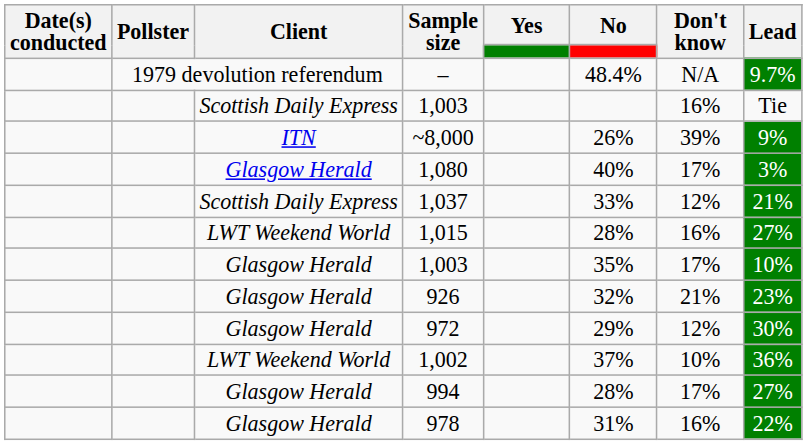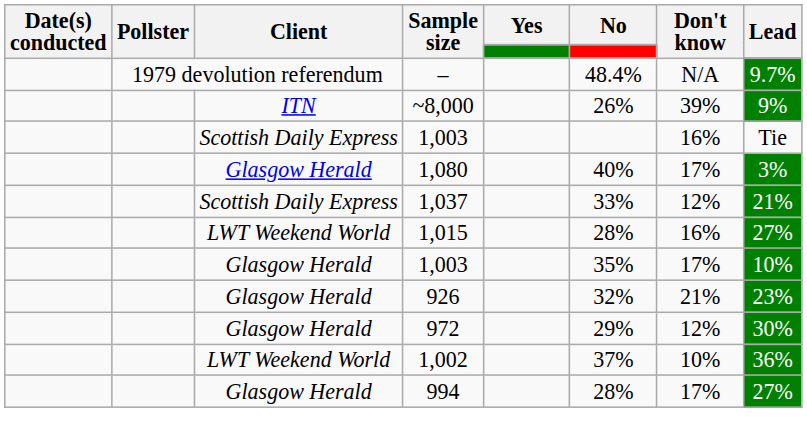 <table class="wikitable sortable mw-datatable" style="text-align:center;font-size:90%;line-height:14px;">
 <tr>
 <th rowspan="2">Date(s)<br>conducted</th>
 <th rowspan="2">Pollster</th>
 <th rowspan="2">Client</th>
 <th rowspan="2">Sample<br>size</th>
 <th class="unsortable" style="width:50px;">Yes</th>
 <th class="unsortable" style="width:50px;">No</th>
 <th rowspan="2" style="width:50px;">Don't<br>know</th>
 <th rowspan="2">Lead</th>
 </tr>
 <tr>
 <th data-sort-type="number" style="background:green;"></th>
 <th data-sort-type="number" style="background:red;"></th>
 </tr>
 <tr>
 <td></td>
 <td colspan="2">1979 devolution referendum</td>
 <td>–</td>
 <td></td>
 <td>48.4%</td>
 <td>N/A</td>
 <td style="background:green;color:#FFFFFF;">9.7%</td>
 </tr>
 <tr>
 <td></td>
 <td></td>
+<td><em><a href='#'>ITN</a></em></td>
+<td>~8,000</td>
+<td></td>
+<td>26%</td>
+<td>39%</td>
+<td style="background:green;color:#FFFFFF;">9%</td>
+</tr>
+<tr>
+<td></td>
+<td></td>
 <td><em>Scottish Daily Express</em></td>
 <td>1,003</td>
 <td></td>
 <td></td>
 <td>16%</td>
 <td>Tie</td>
-</tr>
-<tr>
-<td></td>
-<td></td>
-<td><em><a href='#'>ITN</a></em></td>
-<td>~8,000</td>
-<td></td>
-<td>26%</td>
-<td>39%</td>
-<td style="background:green;color:#FFFFFF;">9%</td>
 </tr>
 <tr>
 <td></td>
 <td></td>
 <td><em><a href='#'>Glasgow Herald</a></em></td>
 <td>1,080</td>
 <td></td>
 <td>40%</td>
 <td>17%</td>
 <td style="background:green;color:#FFFFFF;">3%</td>
 </tr>
 <tr>
 <td></td>
 <td></td>
 <td><em>Scottish Daily Express</em></td>
 <td>1,037</td>
 <td></td>
 <td>33%</td>
 <td>12%</td>
 <td style="background:green;color:#FFFFFF;">21%</td>
 </tr>
 <tr>
 <td></td>
 <td></td>
 <td><em>LWT Weekend World</em></td>
 <td>1,015</td>
 <td></td>
 <td>28%</td>
 <td>16%</td>
 <td style="background:green;color:#FFFFFF;">27%</td>
 </tr>
 <tr>
 <td></td>
 <td></td>
 <td><em>Glasgow Herald</em></td>
 <td>1,003</td>
 <td></td>
 <td>35%</td>
 <td>17%</td>
 <td style="background:green;color:#FFFFFF;">10%</td>
 </tr>
 <tr>
 <td></td>
 <td></td>
 <td><em>Glasgow Herald</em></td>
 <td>926</td>
 <td></td>
 <td>32%</td>
 <td>21%</td>
 <td style="background:green;color:#FFFFFF;">23%</td>
 </tr>
 <tr>
 <td></td>
 <td></td>
 <td><em>Glasgow Herald</em></td>
 <td>972</td>
 <td></td>
 <td>29%</td>
 <td>12%</td>
 <td style="background:green;color:#FFFFFF;">30%</td>
 </tr>
 <tr>
 <td></td>
 <td></td>
 <td><em>LWT Weekend World</em></td>
 <td>1,002</td>
 <td></td>
 <td>37%</td>
 <td>10%</td>
 <td style="background:green;color:#FFFFFF;">36%</td>
 </tr>
 <tr>
 <td></td>
 <td></td>
 <td><em>Glasgow Herald</em></td>
 <td>994</td>
 <td></td>
 <td>28%</td>
 <td>17%</td>
 <td style="background:green;color:#FFFFFF;">27%</td>
 </tr>
-<tr>
-<td></td>
-<td></td>
-<td><em>Glasgow Herald</em></td>
-<td>978</td>
-<td></td>
-<td>31%</td>
-<td>16%</td>
-<td style="background:green;color:#FFFFFF;">22%</td>
-</tr>
 </table>
